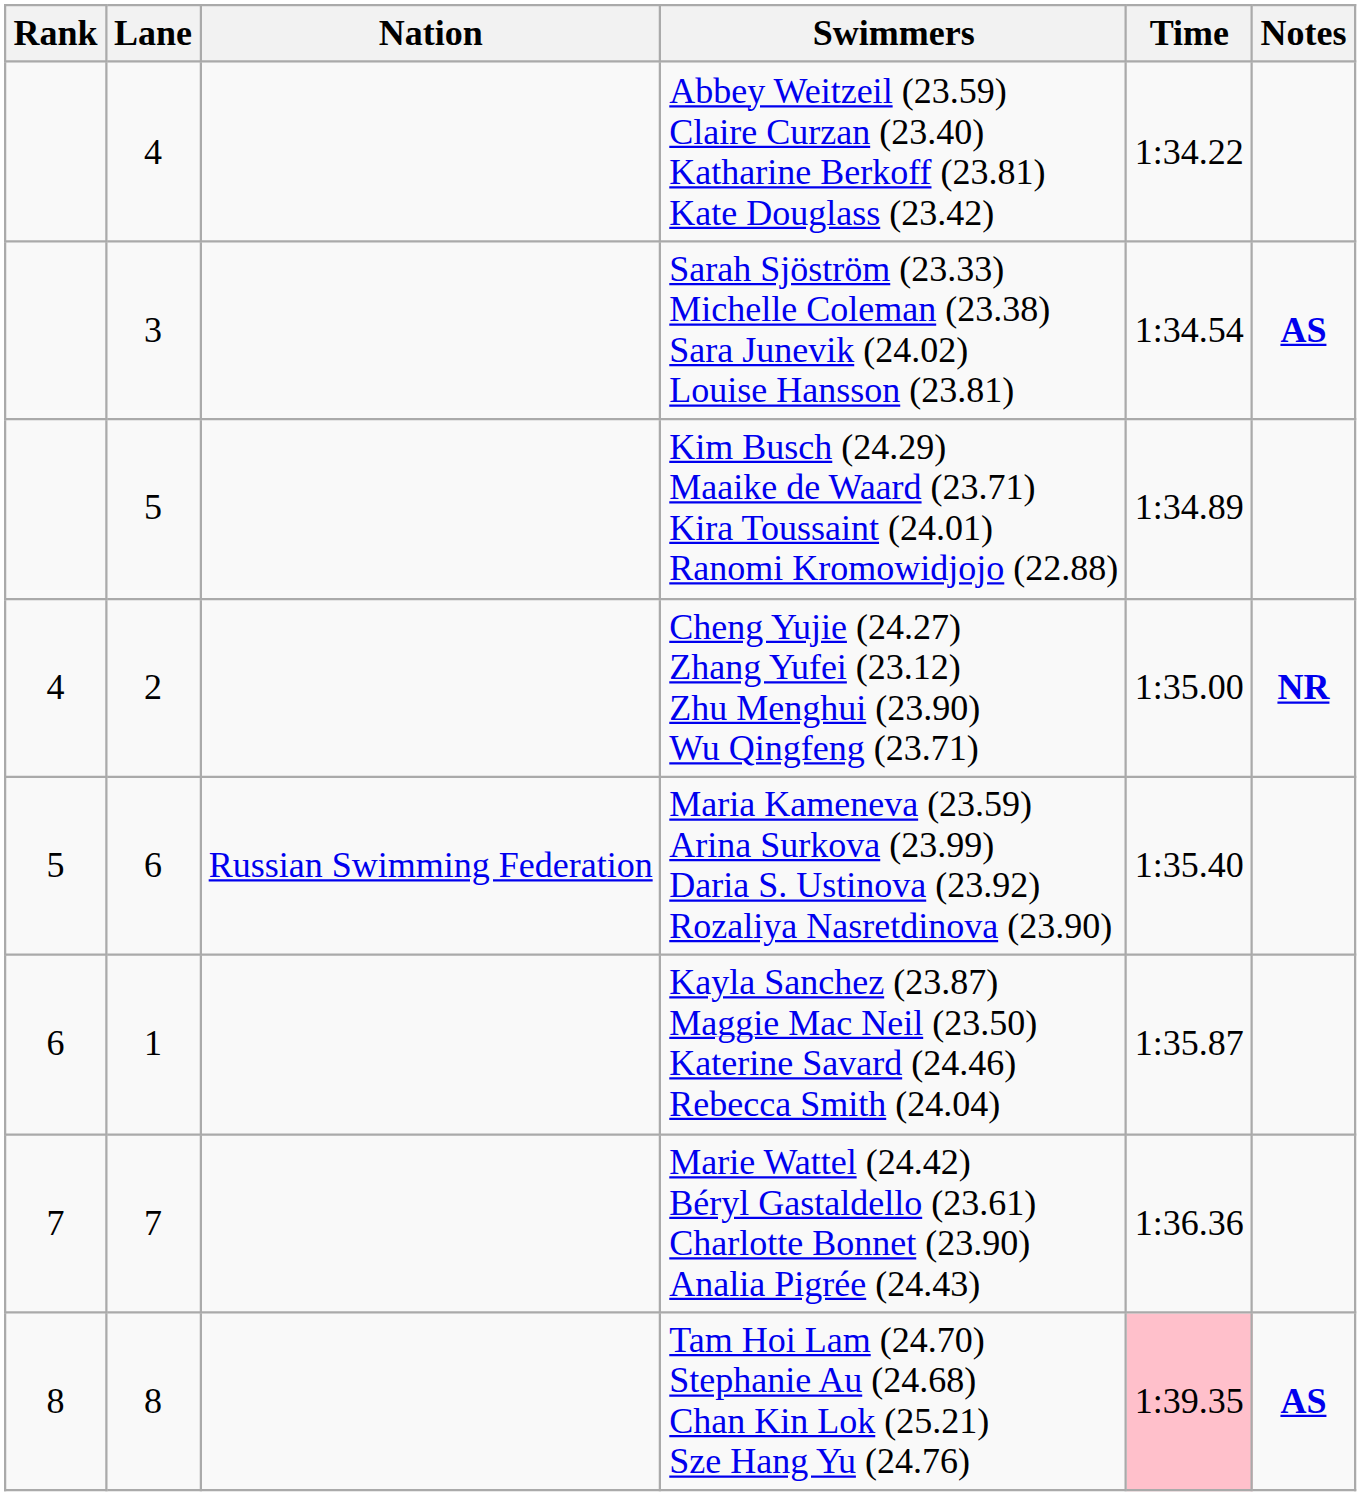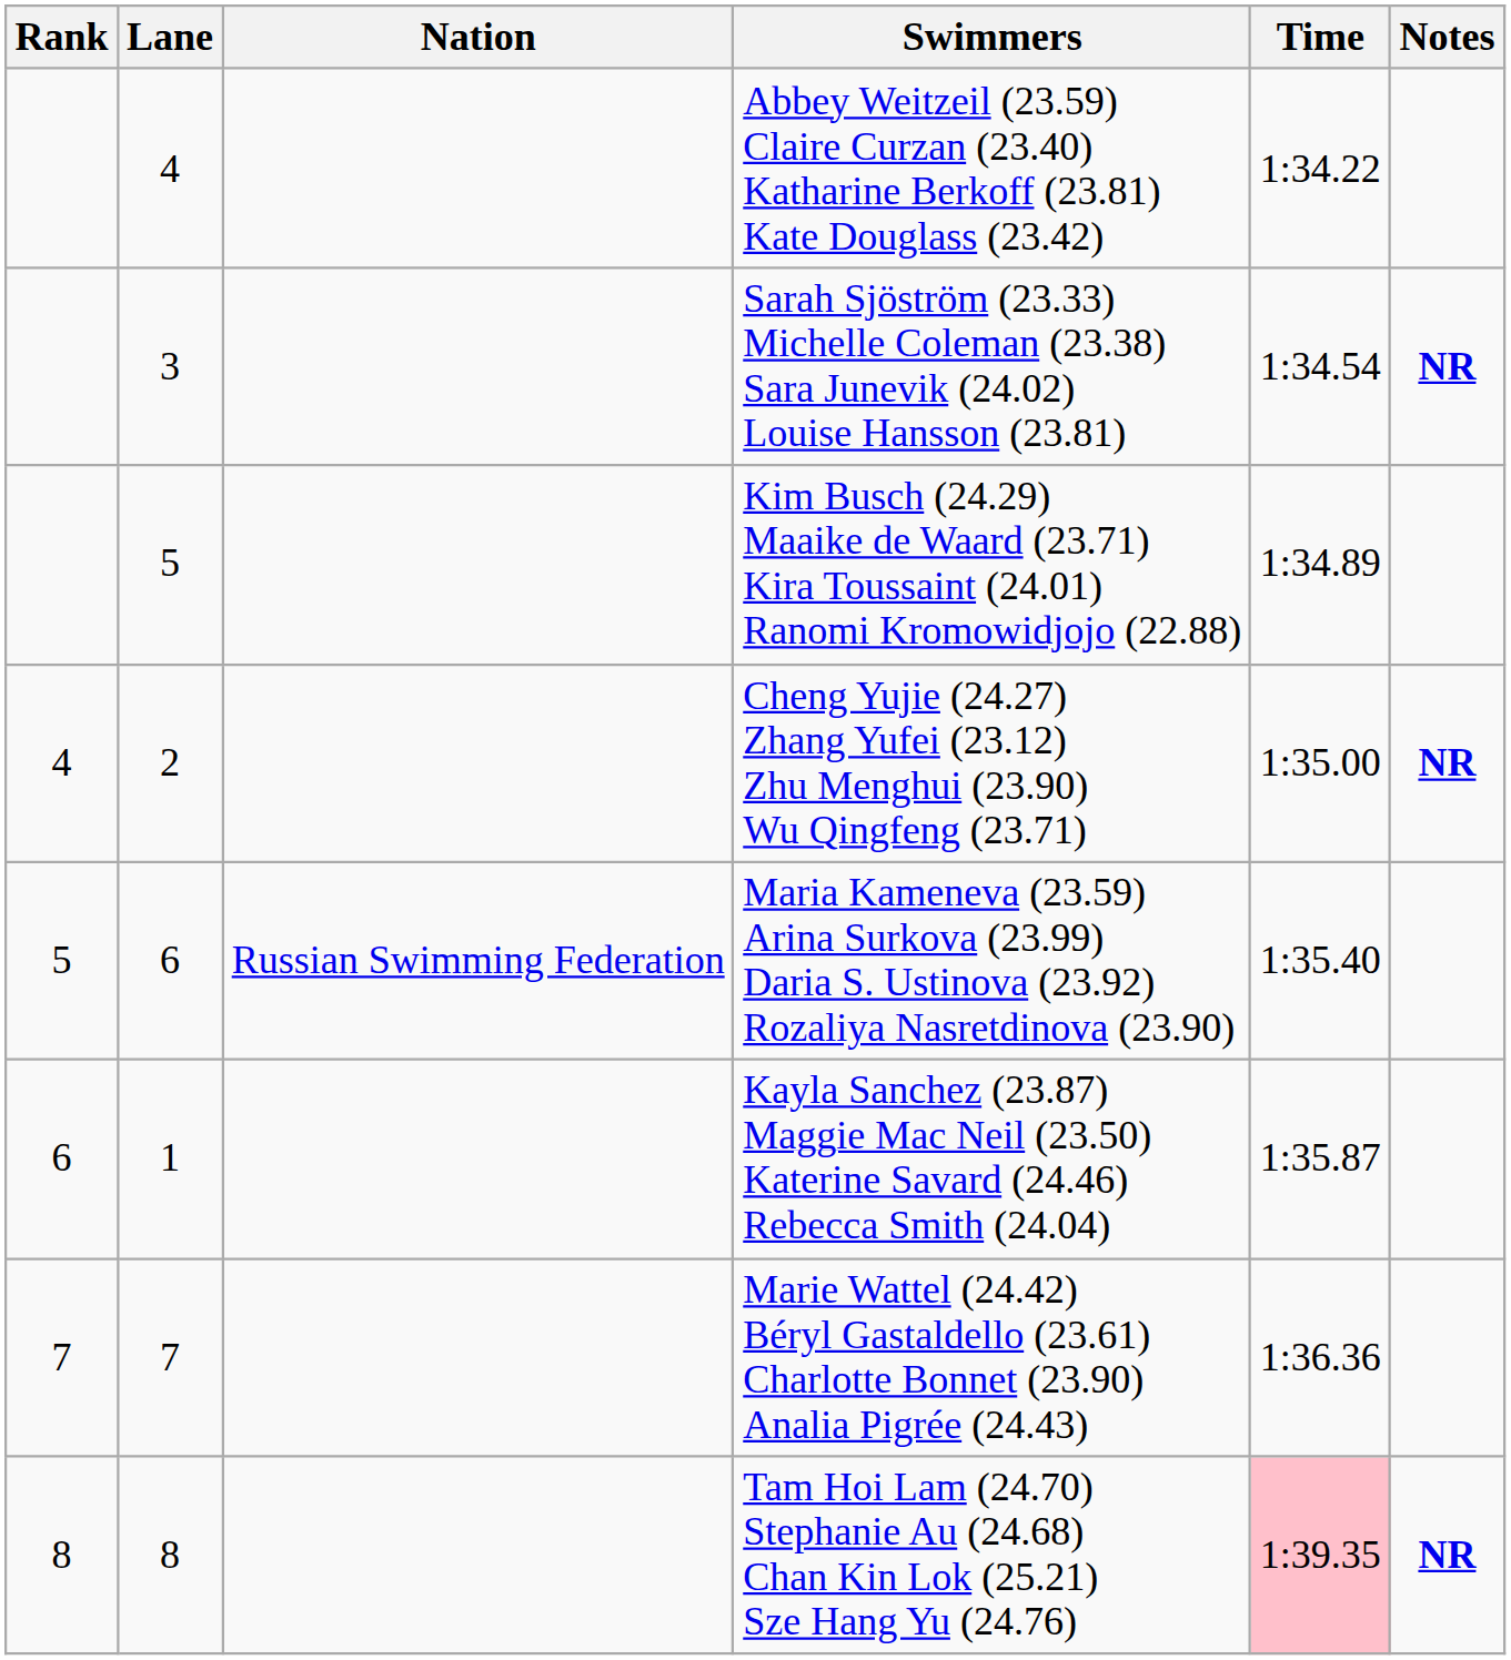 <table class="wikitable sortable" style="text-align:center">
 <tr>
 <th>Rank</th>
 <th>Lane</th>
 <th>Nation</th>
 <th>Swimmers</th>
 <th>Time</th>
 <th>Notes</th>
 </tr>
 <tr>
 <td></td>
 <td>4</td>
 <td align=left></td>
 <td align=left><a href='#'>Abbey Weitzeil</a> (23.59)<br><a href='#'>Claire Curzan</a> (23.40)<br><a href='#'>Katharine Berkoff</a> (23.81)<br><a href='#'>Kate Douglass</a> (23.42)</td>
 <td>1:34.22</td>
 <td></td>
 </tr>
 <tr>
 <td></td>
 <td>3</td>
 <td align=left></td>
 <td align=left><a href='#'>Sarah Sjöström</a> (23.33)<br><a href='#'>Michelle Coleman</a> (23.38)<br><a href='#'>Sara Junevik</a> (24.02)<br><a href='#'>Louise Hansson</a> (23.81)</td>
 <td>1:34.54</td>
-<td><strong><a href='#'>AS</a></strong></td>
+<td><strong><a href='#'>NR</a></strong></td>
 </tr>
 <tr>
 <td></td>
 <td>5</td>
 <td align=left></td>
 <td align=left><a href='#'>Kim Busch</a> (24.29)<br><a href='#'>Maaike de Waard</a> (23.71)<br><a href='#'>Kira Toussaint</a> (24.01)<br><a href='#'>Ranomi Kromowidjojo</a> (22.88)</td>
 <td>1:34.89</td>
 <td></td>
 </tr>
 <tr>
 <td>4</td>
 <td>2</td>
 <td align=left></td>
 <td align=left><a href='#'>Cheng Yujie</a> (24.27)<br><a href='#'>Zhang Yufei</a> (23.12)<br><a href='#'>Zhu Menghui</a> (23.90)<br><a href='#'>Wu Qingfeng</a> (23.71)</td>
 <td>1:35.00</td>
 <td><strong><a href='#'>NR</a></strong></td>
 </tr>
 <tr>
 <td>5</td>
 <td>6</td>
 <td align=left><a href='#'>Russian Swimming Federation</a></td>
 <td align=left><a href='#'>Maria Kameneva</a> (23.59)<br><a href='#'>Arina Surkova</a> (23.99)<br><a href='#'>Daria S. Ustinova</a> (23.92)<br><a href='#'>Rozaliya Nasretdinova</a> (23.90)</td>
 <td>1:35.40</td>
 <td></td>
 </tr>
 <tr>
 <td>6</td>
 <td>1</td>
 <td align=left></td>
 <td align=left><a href='#'>Kayla Sanchez</a> (23.87)<br><a href='#'>Maggie Mac Neil</a> (23.50)<br><a href='#'>Katerine Savard</a> (24.46)<br><a href='#'>Rebecca Smith</a> (24.04)</td>
 <td>1:35.87</td>
 <td></td>
 </tr>
 <tr>
 <td>7</td>
 <td>7</td>
 <td align=left></td>
 <td align=left><a href='#'>Marie Wattel</a> (24.42)<br><a href='#'>Béryl Gastaldello</a> (23.61)<br><a href='#'>Charlotte Bonnet</a> (23.90)<br><a href='#'>Analia Pigrée</a> (24.43)</td>
 <td>1:36.36</td>
 <td></td>
 </tr>
 <tr>
 <td>8</td>
 <td>8</td>
 <td align=left></td>
 <td align=left><a href='#'>Tam Hoi Lam</a> (24.70)<br><a href='#'>Stephanie Au</a> (24.68)<br><a href='#'>Chan Kin Lok</a> (25.21)<br><a href='#'>Sze Hang Yu</a> (24.76)</td>
 <td style="background: pink;">1:39.35</td>
-<td><strong><a href='#'>AS</a></strong></td>
+<td><strong><a href='#'>NR</a></strong></td>
 </tr>
 </table>
